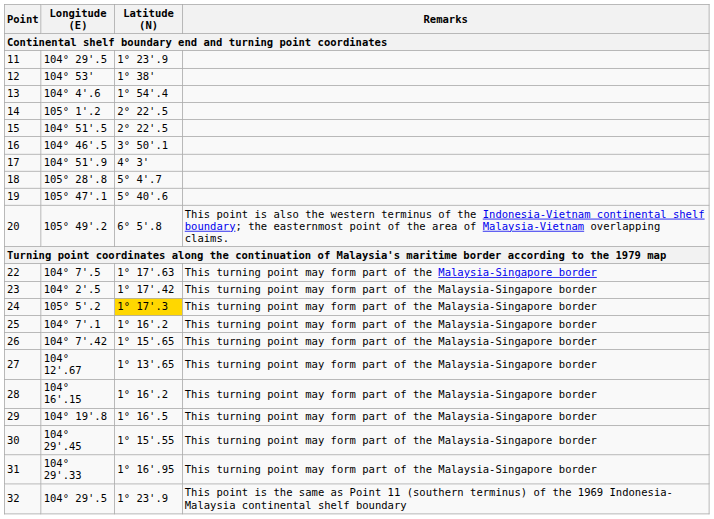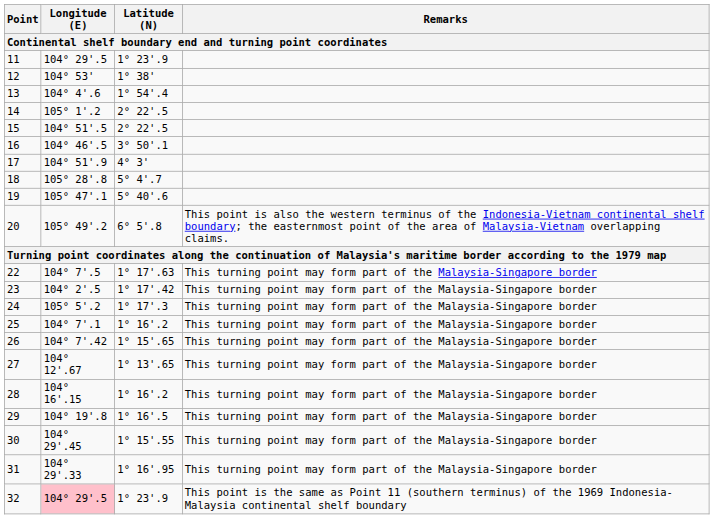 <table class="wikitable">
 <tr>
 <th>Point</th>
 <th>Longitude (E)</th>
 <th>Latitude (N)</th>
 <th>Remarks</th>
 </tr>
 <tr>
 <th colspan="5" style="text-align:left">Continental shelf boundary end and turning point coordinates</th>
 </tr>
 <tr>
 <td>11</td>
 <td>104° 29'.5</td>
 <td>1° 23'.9</td>
 <td></td>
 </tr>
 <tr>
 <td>12</td>
 <td>104° 53'</td>
 <td>1° 38'</td>
 <td></td>
 </tr>
 <tr>
 <td>13</td>
 <td>104° 4'.6</td>
 <td>1° 54'.4</td>
 <td></td>
 </tr>
 <tr>
 <td>14</td>
 <td>105° 1'.2</td>
 <td>2° 22'.5</td>
 <td></td>
 </tr>
 <tr>
 <td>15</td>
 <td>104° 51'.5</td>
 <td>2° 22'.5</td>
 <td></td>
 </tr>
 <tr>
 <td>16</td>
 <td>104° 46'.5</td>
 <td>3° 50'.1</td>
 <td></td>
 </tr>
 <tr>
 <td>17</td>
 <td>104° 51'.9</td>
 <td>4° 3'</td>
 <td></td>
 </tr>
 <tr>
 <td>18</td>
 <td>105° 28'.8</td>
 <td>5° 4'.7</td>
 <td></td>
 </tr>
 <tr>
 <td>19</td>
 <td>105° 47'.1</td>
 <td>5° 40'.6</td>
 <td></td>
 </tr>
 <tr>
 <td>20</td>
 <td>105° 49'.2</td>
 <td>6° 5'.8</td>
 <td>This point is also the western terminus of the <a href='#'>Indonesia-Vietnam continental shelf boundary</a>; the easternmost point of the area of <a href='#'>Malaysia-Vietnam</a> overlapping claims.</td>
 </tr>
 <tr>
 <th colspan="5" style="text-align:left">Turning point coordinates along the continuation of Malaysia's maritime border according to the 1979 map</th>
 </tr>
 <tr>
 <td>22</td>
 <td>104° 7'.5</td>
 <td>1° 17'.63</td>
 <td>This turning point may form part of the <a href='#'>Malaysia-Singapore border</a></td>
 </tr>
 <tr>
 <td>23</td>
 <td>104° 2'.5</td>
 <td>1° 17'.42</td>
 <td>This turning point may form part of the Malaysia-Singapore border</td>
 </tr>
 <tr>
 <td>24</td>
 <td>105° 5'.2</td>
-<td style="background: gold;">1° 17'.3</td>
+<td>1° 17'.3</td>
 <td>This turning point may form part of the Malaysia-Singapore border</td>
 </tr>
 <tr>
 <td>25</td>
 <td>104° 7'.1</td>
 <td>1° 16'.2</td>
 <td>This turning point may form part of the Malaysia-Singapore border</td>
 </tr>
 <tr>
 <td>26</td>
 <td>104° 7'.42</td>
 <td>1° 15'.65</td>
 <td>This turning point may form part of the Malaysia-Singapore border</td>
 </tr>
 <tr>
 <td>27</td>
 <td>104° 12'.67</td>
 <td>1° 13'.65</td>
 <td>This turning point may form part of the Malaysia-Singapore border</td>
 </tr>
 <tr>
 <td>28</td>
 <td>104° 16'.15</td>
 <td>1° 16'.2</td>
 <td>This turning point may form part of the Malaysia-Singapore border</td>
 </tr>
 <tr>
 <td>29</td>
 <td>104° 19'.8</td>
 <td>1° 16'.5</td>
 <td>This turning point may form part of the Malaysia-Singapore border</td>
 </tr>
 <tr>
 <td>30</td>
 <td>104° 29'.45</td>
 <td>1° 15'.55</td>
 <td>This turning point may form part of the Malaysia-Singapore border</td>
 </tr>
 <tr>
 <td>31</td>
 <td>104° 29'.33</td>
 <td>1° 16'.95</td>
 <td>This turning point may form part of the Malaysia-Singapore border</td>
 </tr>
 <tr>
 <td>32</td>
-<td>104° 29'.5</td>
+<td style="background: pink;">104° 29'.5</td>
 <td>1° 23'.9</td>
 <td>This point is the same as Point 11 (southern terminus) of the 1969 Indonesia-Malaysia continental shelf boundary</td>
 </tr>
 </table>
